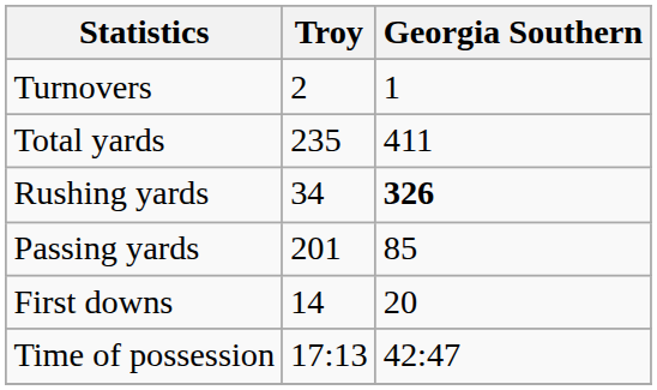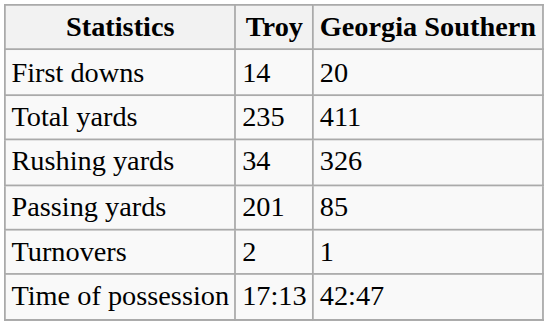 <table class="wikitable">
 <tr>
 <th>Statistics</th>
 <th>Troy</th>
 <th>Georgia Southern</th>
 </tr>
 <tr>
-<td>Turnovers</td>
-<td>2</td>
-<td>1</td>
+<td>First downs</td>
+<td>14</td>
+<td>20</td>
 </tr>
 <tr>
 <td>Total yards</td>
 <td>235</td>
 <td>411</td>
 </tr>
 <tr>
 <td>Rushing yards</td>
 <td>34</td>
-<td><strong>326</strong></td>
+<td>326</td>
 </tr>
 <tr>
 <td>Passing yards</td>
 <td>201</td>
 <td>85</td>
 </tr>
 <tr>
-<td>First downs</td>
-<td>14</td>
-<td>20</td>
+<td>Turnovers</td>
+<td>2</td>
+<td>1</td>
 </tr>
 <tr>
 <td>Time of possession</td>
 <td>17:13</td>
 <td>42:47</td>
 </tr>
 <tr>
 </tr>
 </table>
